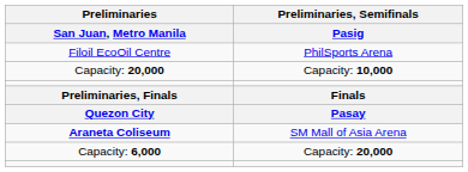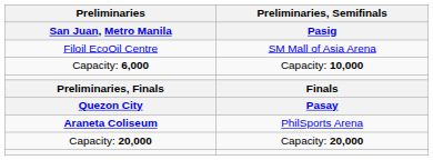 <table class="wikitable" style="text-align:center">
 <tr>
 <th width=300>Preliminaries</th>
 <th width=300>Preliminaries, Semifinals</th>
 </tr>
 <tr>
 <th><a href='#'>San Juan</a>, <a href='#'>Metro Manila</a></th>
 <th><a href='#'>Pasig</a></th>
 </tr>
 <tr>
 <td><a href='#'>Filoil EcoOil Centre</a></td>
-<td><a href='#'>PhilSports Arena</a></td>
+<td><a href='#'>SM Mall of Asia Arena</a></td>
 </tr>
 <tr>
-<td>Capacity: <strong>20,000</strong></td>
+<td>Capacity: <strong>6,000</strong></td>
 <td>Capacity: <strong>10,000</strong></td>
 </tr>
 <tr>
 <td></td>
 <td></td>
 </tr>
 <tr>
 <th>Preliminaries, Finals</th>
 <th>Finals</th>
 </tr>
 <tr>
 <th><a href='#'>Quezon City</a></th>
 <th><a href='#'>Pasay</a></th>
 </tr>
 <tr>
 <td><strong><a href='#'>Araneta Coliseum</a></strong></td>
-<td><a href='#'>SM Mall of Asia Arena</a></td>
+<td><a href='#'>PhilSports Arena</a></td>
 </tr>
 <tr>
-<td>Capacity: <strong>6,000</strong></td>
+<td>Capacity: <strong>20,000</strong></td>
 <td>Capacity: <strong>20,000</strong></td>
 </tr>
 <tr>
 <td></td>
 <td></td>
 </tr>
 </table>
